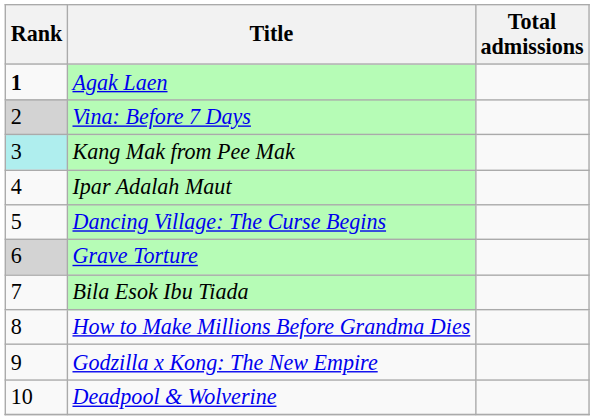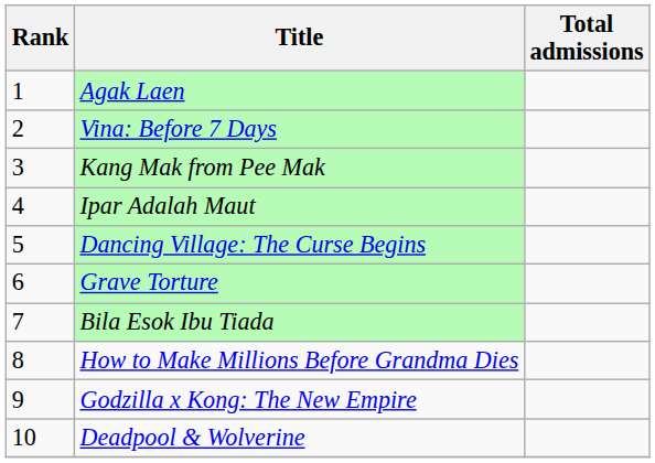 <table class="wikitable sortable" style="margin:auto; margin:auto;">
 <tr>
 <th>Rank</th>
 <th>Title</th>
 <th>Total<br>admissions</th>
 </tr>
 <tr>
-<td><strong>1</strong></td>
+<td>1</td>
 <td style="background:#b6fcb6;"><em><a href='#'>Agak Laen</a></em></td>
 <td></td>
 </tr>
 <tr>
-<td style="background: lightgrey;">2</td>
+<td>2</td>
 <td style="background:#b6fcb6;"><em><a href='#'>Vina: Before 7 Days</a></em></td>
 <td></td>
 </tr>
 <tr>
-<td style="background: paleturquoise;">3</td>
+<td>3</td>
 <td style="background:#b6fcb6;"><em>Kang Mak from Pee Mak</em></td>
 <td></td>
 </tr>
 <tr>
 <td>4</td>
 <td style="background:#b6fcb6;"><em>Ipar Adalah Maut</em></td>
 <td></td>
 </tr>
 <tr>
 <td>5</td>
 <td style="background:#b6fcb6;"><em><a href='#'>Dancing Village: The Curse Begins</a></em></td>
 <td></td>
 </tr>
 <tr>
-<td style="background: lightgrey;">6</td>
+<td>6</td>
 <td style="background:#b6fcb6;"><em><a href='#'>Grave Torture</a></em></td>
 <td></td>
 </tr>
 <tr>
 <td>7</td>
 <td style="background:#b6fcb6;"><em>Bila Esok Ibu Tiada</em></td>
 <td></td>
 </tr>
 <tr>
 <td>8</td>
 <td><em><a href='#'>How to Make Millions Before Grandma Dies</a></em></td>
 <td></td>
 </tr>
 <tr>
 <td>9</td>
 <td><em><a href='#'>Godzilla x Kong: The New Empire</a></em></td>
 <td></td>
 </tr>
 <tr>
 <td>10</td>
 <td><em><a href='#'>Deadpool & Wolverine</a></em></td>
 <td></td>
 </tr>
 <tr>
 </tr>
 </table>
